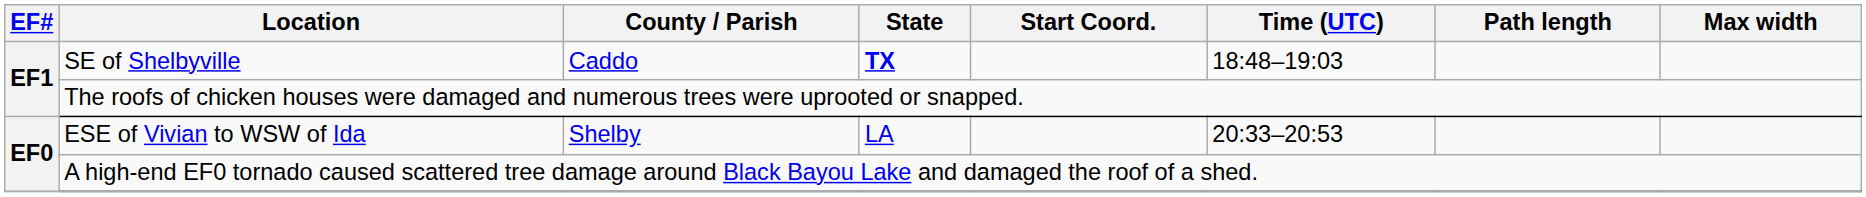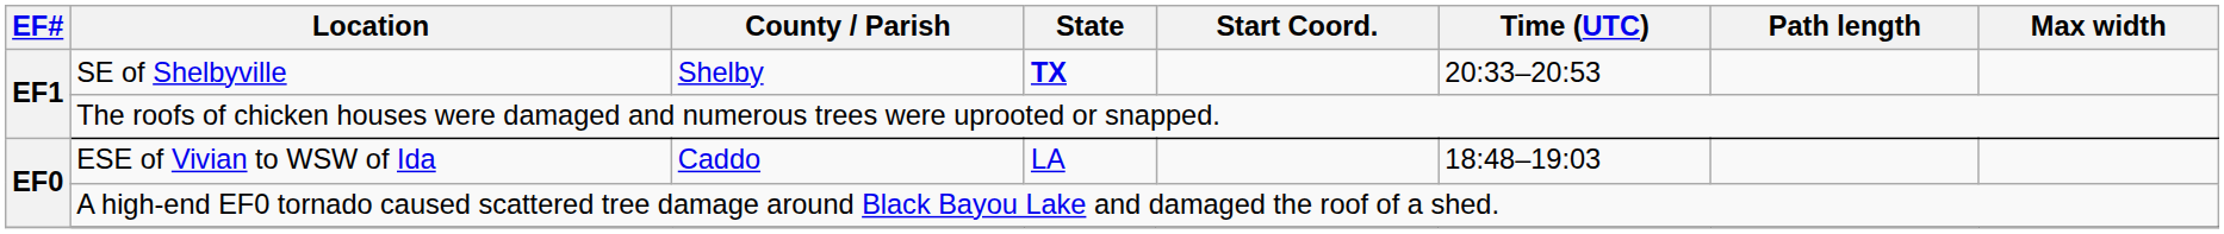 <table class="wikitable sortable" style="width:100%;">
 <tr>
 <th scope="col" width="2%" align="center"><a href='#'>EF#</a></th>
 <th scope="col" align="center" class="unsortable">Location</th>
 <th scope="col" align="center" class="unsortable">County / Parish</th>
 <th scope="col" align="center">State</th>
 <th scope="col" align="center">Start Coord.</th>
 <th scope="col" align="center">Time (<a href='#'>UTC</a>)</th>
 <th scope="col" align="center">Path length</th>
 <th scope="col" align="center">Max width</th>
 </tr>
 <tr>
 <th scope="row" rowspan="2" style="background-color:#">EF1</th>
 <td>SE of <a href='#'>Shelbyville</a></td>
-<td><a href='#'>Caddo</a></td>
+<td><a href='#'>Shelby</a></td>
 <td><strong><a href='#'>TX</a></strong></td>
 <td></td>
-<td>18:48–19:03</td>
+<td>20:33–20:53</td>
 <td></td>
 <td></td>
 </tr>
 <tr class="expand-child">
 <td colspan="8" style=" border-bottom: 1px solid black;">The roofs of chicken houses were damaged and numerous trees were uprooted or snapped.</td>
 </tr>
 <tr>
 <th scope="row" rowspan="2" style="background-color:#">EF0</th>
 <td>ESE of <a href='#'>Vivian</a> to WSW of <a href='#'>Ida</a></td>
-<td><a href='#'>Shelby</a></td>
+<td><a href='#'>Caddo</a></td>
 <td><a href='#'>LA</a></td>
 <td></td>
-<td>20:33–20:53</td>
+<td>18:48–19:03</td>
 <td></td>
 <td></td>
 </tr>
 <tr class="expand-child">
 <td colspan="8" style=" border-bottom: 1px solid black;">A high-end EF0 tornado caused scattered tree damage around <a href='#'>Black Bayou Lake</a> and damaged the roof of a shed.</td>
 </tr>
 <tr>
 </tr>
 </table>
